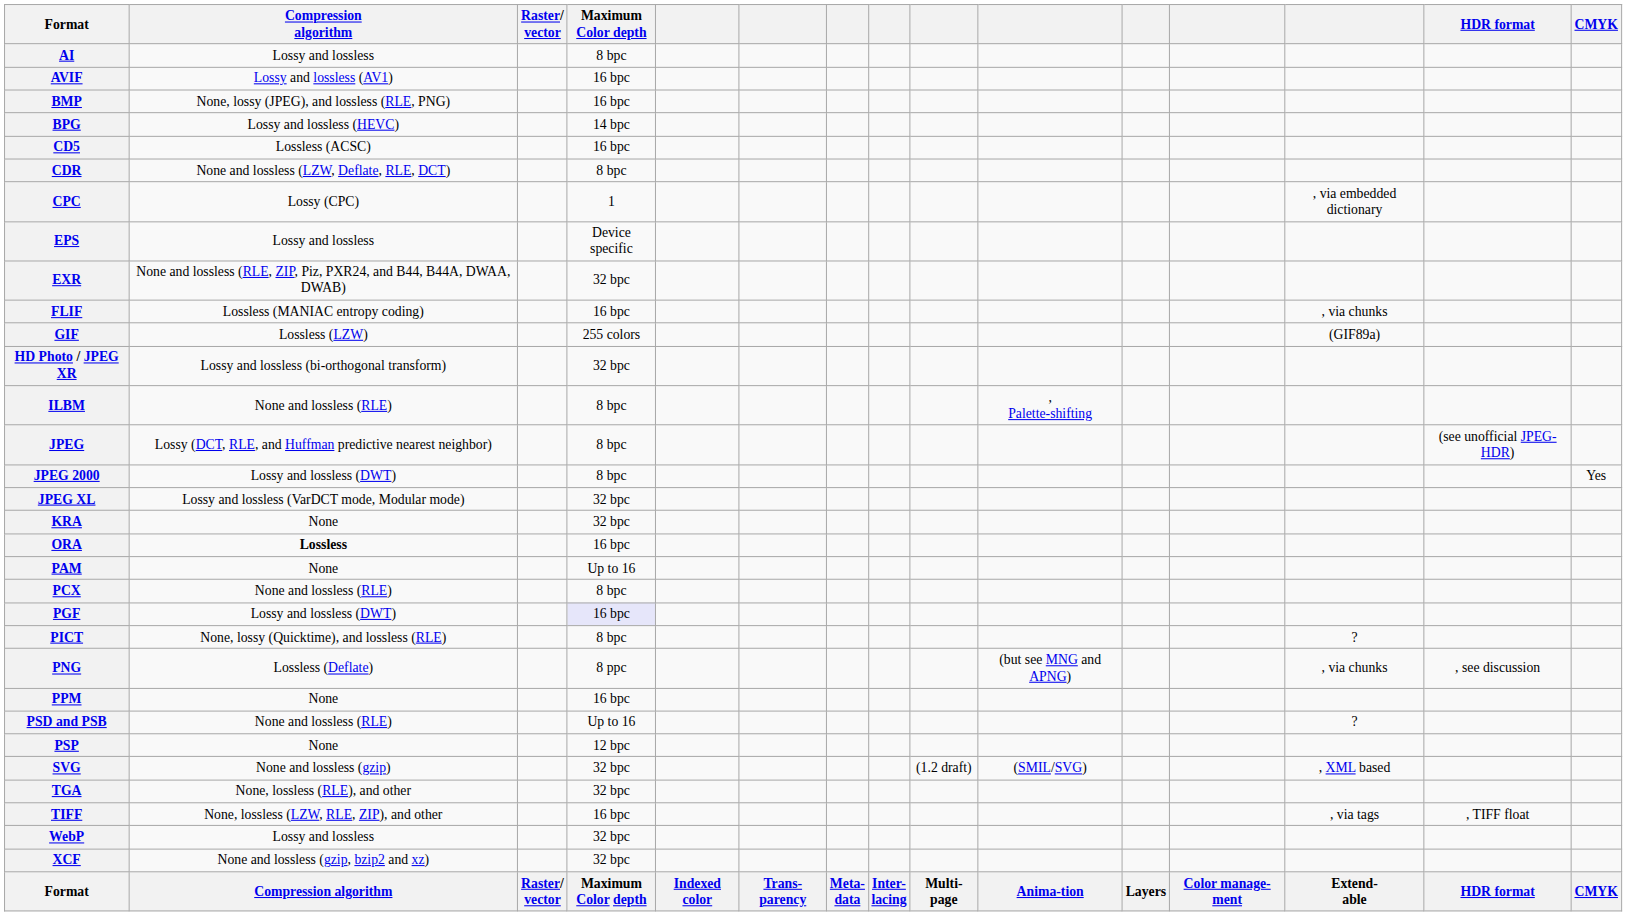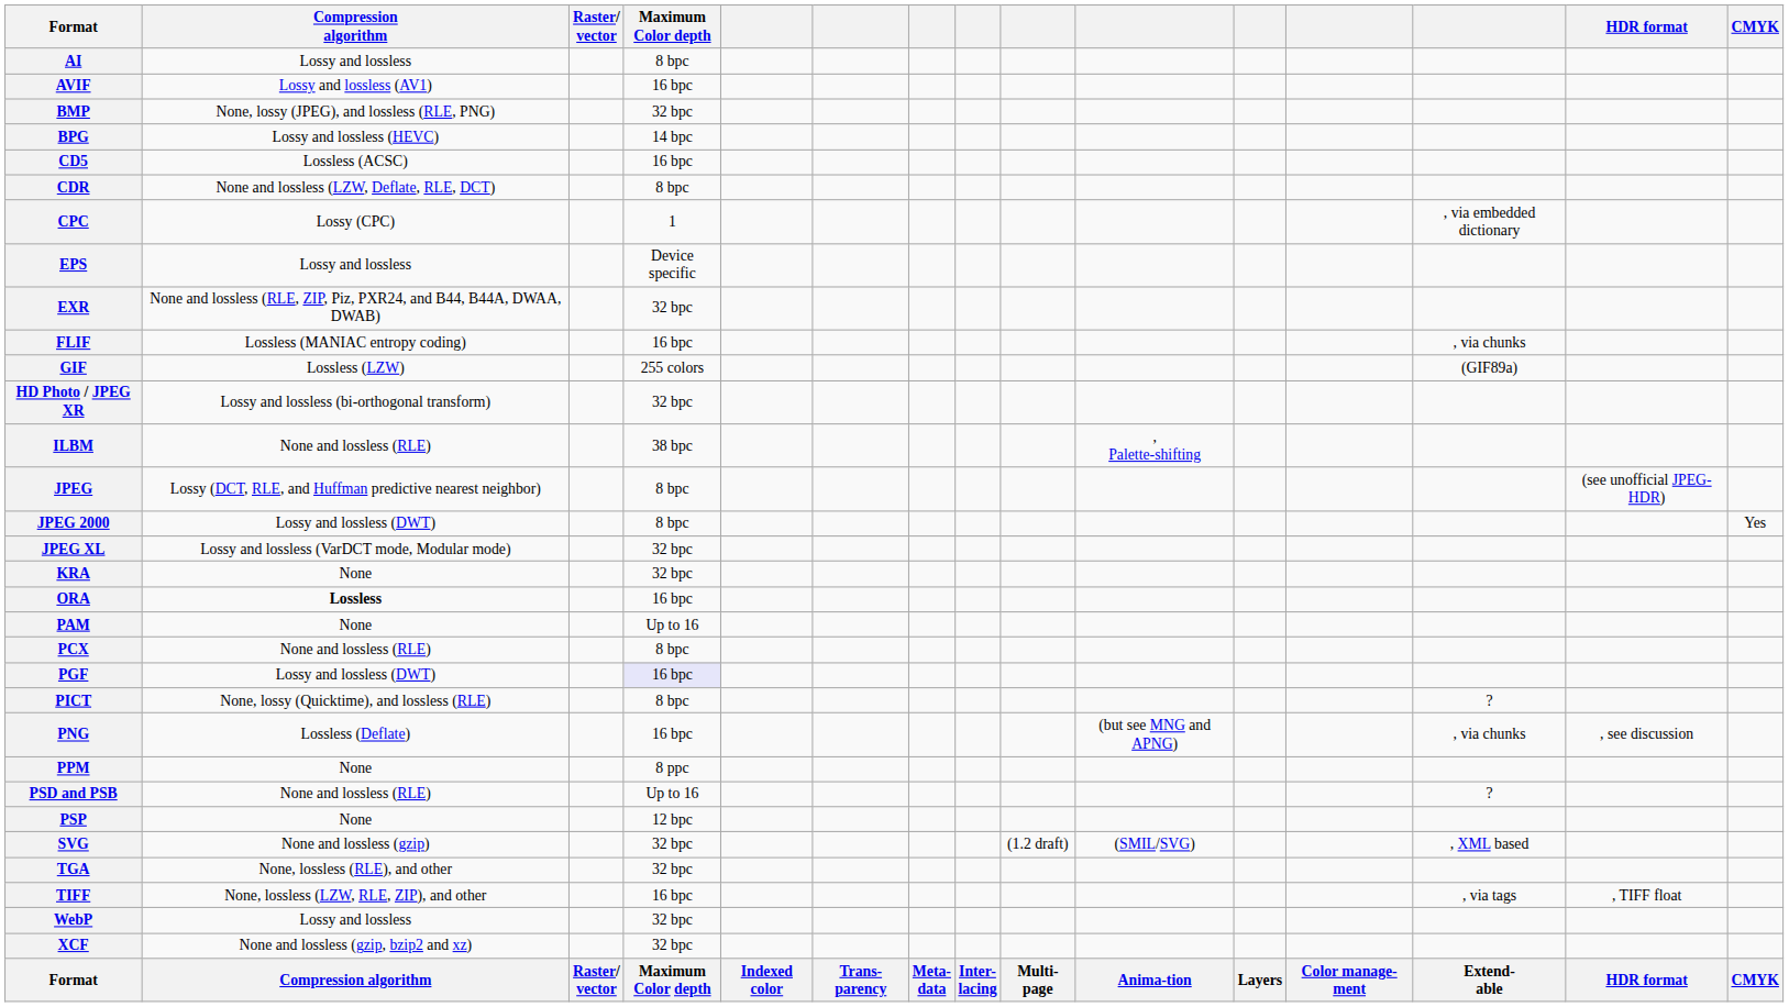 <table class="sortable sort-under wikitable sticky-header" style="text-align: center; width: auto; font-size: smaller;">
 <tr>
 <th>Format</th>
 <th><a href='#'>Compression<br> algorithm</a></th>
 <th><a href='#'>Raster</a>/<br><a href='#'>vector</a></th>
 <th>Maximum<br><a href='#'>Color depth</a></th>
 <th></th>
 <th></th>
 <th></th>
 <th></th>
 <th></th>
 <th></th>
 <th></th>
 <th></th>
 <th></th>
 <th><a href='#'>HDR format</a></th>
 <th><a href='#'>CMYK</a></th>
 </tr>
 <tr>
 <th><a href='#'>AI</a></th>
 <td>Lossy and lossless</td>
 <td></td>
 <td>8 bpc</td>
 <td></td>
 <td></td>
 <td></td>
 <td></td>
 <td></td>
 <td></td>
 <td></td>
 <td></td>
 <td></td>
 <td></td>
 <td></td>
 </tr>
 <tr>
 <th><a href='#'>AVIF</a></th>
 <td><a href='#'>Lossy</a> and <a href='#'>lossless</a> (<a href='#'>AV1</a>)</td>
 <td></td>
 <td>16 bpc</td>
 <td></td>
 <td></td>
 <td></td>
 <td></td>
 <td></td>
 <td></td>
 <td></td>
 <td></td>
 <td></td>
 <td></td>
 <td></td>
 </tr>
 <tr>
 <th><a href='#'>BMP</a></th>
 <td>None, lossy (JPEG), and lossless (<a href='#'>RLE</a>, PNG)</td>
 <td></td>
-<td>16 bpc</td>
+<td>32 bpc</td>
 <td></td>
 <td></td>
 <td></td>
 <td></td>
 <td></td>
 <td></td>
 <td></td>
 <td></td>
 <td></td>
 <td></td>
 <td></td>
 </tr>
 <tr>
 <th><a href='#'>BPG</a></th>
 <td>Lossy and lossless (<a href='#'>HEVC</a>)</td>
 <td></td>
 <td>14 bpc</td>
 <td></td>
 <td></td>
 <td></td>
 <td></td>
 <td></td>
 <td></td>
 <td></td>
 <td></td>
 <td></td>
 <td></td>
 <td></td>
 </tr>
 <tr>
 <th><a href='#'>CD5</a></th>
 <td>Lossless (ACSC)</td>
 <td></td>
 <td>16 bpc</td>
 <td></td>
 <td></td>
 <td></td>
 <td></td>
 <td></td>
 <td></td>
 <td></td>
 <td></td>
 <td></td>
 <td></td>
 <td></td>
 </tr>
 <tr>
 <th><a href='#'>CDR</a></th>
 <td>None and lossless (<a href='#'>LZW</a>, <a href='#'>Deflate</a>, <a href='#'>RLE</a>, <a href='#'>DCT</a>)</td>
 <td></td>
 <td>8 bpc</td>
 <td></td>
 <td></td>
 <td></td>
 <td></td>
 <td></td>
 <td></td>
 <td></td>
 <td></td>
 <td></td>
 <td></td>
 <td></td>
 </tr>
 <tr>
 <th><a href='#'>CPC</a></th>
 <td>Lossy (CPC)</td>
 <td></td>
 <td>1</td>
 <td></td>
 <td></td>
 <td></td>
 <td></td>
 <td></td>
 <td></td>
 <td></td>
 <td></td>
 <td>, via embedded dictionary</td>
 <td></td>
 <td></td>
 </tr>
 <tr>
 <th><a href='#'>EPS</a></th>
 <td>Lossy and lossless</td>
 <td></td>
 <td>Device specific</td>
 <td></td>
 <td></td>
 <td></td>
 <td></td>
 <td></td>
 <td></td>
 <td></td>
 <td></td>
 <td></td>
 <td></td>
 <td></td>
 </tr>
 <tr>
 <th><a href='#'>EXR</a></th>
 <td>None and lossless (<a href='#'>RLE</a>, <a href='#'>ZIP</a>, Piz, PXR24, and B44, B44A, DWAA, DWAB)</td>
 <td></td>
 <td>32 bpc</td>
 <td></td>
 <td></td>
 <td></td>
 <td></td>
 <td></td>
 <td></td>
 <td></td>
 <td></td>
 <td></td>
 <td></td>
 <td></td>
 </tr>
 <tr>
 <th><a href='#'>FLIF</a></th>
 <td>Lossless (MANIAC entropy coding)</td>
 <td></td>
 <td>16 bpc</td>
 <td></td>
 <td></td>
 <td></td>
 <td></td>
 <td></td>
 <td></td>
 <td></td>
 <td></td>
 <td>, via chunks</td>
 <td></td>
 <td></td>
 </tr>
 <tr>
 <th><a href='#'>GIF</a></th>
 <td>Lossless (<a href='#'>LZW</a>)</td>
 <td></td>
 <td>255 colors</td>
 <td></td>
 <td></td>
 <td></td>
 <td></td>
 <td></td>
 <td></td>
 <td></td>
 <td></td>
 <td> (GIF89a)</td>
 <td></td>
 <td></td>
 </tr>
 <tr>
 <th><a href='#'>HD Photo</a> / <a href='#'>JPEG XR</a></th>
 <td>Lossy and lossless (bi-orthogonal transform)</td>
 <td></td>
 <td>32 bpc</td>
 <td></td>
 <td></td>
 <td></td>
 <td></td>
 <td></td>
 <td></td>
 <td></td>
 <td></td>
 <td></td>
 <td></td>
 <td></td>
 </tr>
 <tr>
 <th><a href='#'>ILBM</a></th>
 <td>None and lossless (<a href='#'>RLE</a>)</td>
 <td></td>
-<td>8 bpc</td>
+<td>38 bpc</td>
 <td></td>
 <td></td>
 <td></td>
 <td></td>
 <td></td>
 <td>,<br><a href='#'>Palette-shifting</a></td>
 <td></td>
 <td></td>
 <td></td>
 <td></td>
 <td></td>
 </tr>
 <tr>
 <th><a href='#'>JPEG</a></th>
 <td>Lossy (<a href='#'>DCT</a>, <a href='#'>RLE</a>, and <a href='#'>Huffman</a> predictive nearest neighbor)</td>
 <td></td>
 <td>8 bpc</td>
 <td></td>
 <td></td>
 <td></td>
 <td></td>
 <td></td>
 <td></td>
 <td></td>
 <td></td>
 <td></td>
 <td> (see unofficial <a href='#'>JPEG-HDR</a>)</td>
 <td></td>
 </tr>
 <tr>
 <th><a href='#'>JPEG 2000</a></th>
 <td>Lossy and lossless (<a href='#'>DWT</a>)</td>
 <td></td>
 <td>8 bpc</td>
 <td></td>
 <td></td>
 <td></td>
 <td></td>
 <td></td>
 <td></td>
 <td></td>
 <td></td>
 <td></td>
 <td></td>
 <td>Yes</td>
 </tr>
 <tr>
 <th><a href='#'>JPEG XL</a></th>
 <td>Lossy and lossless (VarDCT mode, Modular mode)</td>
 <td></td>
 <td>32 bpc</td>
 <td></td>
 <td></td>
 <td></td>
 <td></td>
 <td></td>
 <td></td>
 <td></td>
 <td></td>
 <td></td>
 <td></td>
 <td></td>
 </tr>
 <tr>
 <th><a href='#'>KRA</a></th>
 <td>None</td>
 <td></td>
 <td>32 bpc</td>
 <td></td>
 <td></td>
 <td></td>
 <td></td>
 <td></td>
 <td></td>
 <td></td>
 <td></td>
 <td></td>
 <td></td>
 <td></td>
 </tr>
 <tr>
 <th><a href='#'>ORA</a></th>
 <td><strong>Lossless</strong></td>
 <td></td>
 <td>16 bpc</td>
 <td></td>
 <td></td>
 <td></td>
 <td></td>
 <td></td>
 <td></td>
 <td></td>
 <td></td>
 <td></td>
 <td></td>
 <td></td>
 </tr>
 <tr>
 <th><a href='#'>PAM</a></th>
 <td>None</td>
 <td></td>
 <td>Up to 16</td>
 <td></td>
 <td></td>
 <td></td>
 <td></td>
 <td></td>
 <td></td>
 <td></td>
 <td></td>
 <td></td>
 <td></td>
 <td></td>
 </tr>
 <tr>
 <th><a href='#'>PCX</a></th>
 <td>None and lossless (<a href='#'>RLE</a>)</td>
 <td></td>
 <td>8 bpc</td>
 <td></td>
 <td></td>
 <td></td>
 <td></td>
 <td></td>
 <td></td>
 <td></td>
 <td></td>
 <td></td>
 <td></td>
 <td></td>
 </tr>
 <tr>
 <th><a href='#'>PGF</a></th>
 <td>Lossy and lossless (<a href='#'>DWT</a>)</td>
 <td></td>
 <td style="background: lavender;">16 bpc</td>
 <td></td>
 <td></td>
 <td></td>
 <td></td>
 <td></td>
 <td></td>
 <td></td>
 <td></td>
 <td></td>
 <td></td>
 <td></td>
 </tr>
 <tr>
 <th><a href='#'>PICT</a></th>
 <td>None, lossy (Quicktime), and lossless (<a href='#'>RLE</a>)</td>
 <td></td>
 <td>8 bpc</td>
 <td></td>
 <td></td>
 <td></td>
 <td></td>
 <td></td>
 <td></td>
 <td></td>
 <td></td>
 <td>?</td>
 <td></td>
 <td></td>
 </tr>
 <tr>
 <th><a href='#'>PNG</a></th>
 <td>Lossless (<a href='#'>Deflate</a>)</td>
 <td></td>
-<td>8 ppc</td>
+<td>16 bpc</td>
 <td></td>
 <td></td>
 <td></td>
 <td></td>
 <td></td>
 <td> (but see <a href='#'>MNG</a> and <a href='#'>APNG</a>)</td>
 <td></td>
 <td></td>
 <td>, via chunks</td>
 <td>, see discussion</td>
 <td></td>
 </tr>
 <tr>
 <th><a href='#'>PPM</a></th>
 <td>None</td>
 <td></td>
-<td>16 bpc</td>
+<td>8 ppc</td>
 <td></td>
 <td></td>
 <td></td>
 <td></td>
 <td></td>
 <td></td>
 <td></td>
 <td></td>
 <td></td>
 <td></td>
 <td></td>
 </tr>
 <tr>
 <th><a href='#'>PSD and PSB</a></th>
 <td>None and lossless (<a href='#'>RLE</a>)</td>
 <td></td>
 <td>Up to 16</td>
 <td></td>
 <td></td>
 <td></td>
 <td></td>
 <td></td>
 <td></td>
 <td></td>
 <td></td>
 <td>?</td>
 <td></td>
 <td></td>
 </tr>
 <tr>
 <th><a href='#'>PSP</a></th>
 <td>None</td>
 <td></td>
 <td>12 bpc</td>
 <td></td>
 <td></td>
 <td></td>
 <td></td>
 <td></td>
 <td></td>
 <td></td>
 <td></td>
 <td></td>
 <td></td>
 <td></td>
 </tr>
 <tr>
 <th><a href='#'>SVG</a></th>
 <td>None and lossless (<a href='#'>gzip</a>)</td>
 <td></td>
 <td>32 bpc</td>
 <td></td>
 <td></td>
 <td></td>
 <td></td>
 <td> (1.2 draft)</td>
 <td> (<a href='#'>SMIL</a>/<a href='#'>SVG</a>)</td>
 <td></td>
 <td></td>
 <td>, <a href='#'>XML</a> based</td>
 <td></td>
 <td></td>
 </tr>
 <tr>
 <th><a href='#'>TGA</a></th>
 <td>None, lossless (<a href='#'>RLE</a>), and other</td>
 <td></td>
 <td>32 bpc</td>
 <td></td>
 <td></td>
 <td></td>
 <td></td>
 <td></td>
 <td></td>
 <td></td>
 <td></td>
 <td></td>
 <td></td>
 <td></td>
 </tr>
 <tr>
 <th><a href='#'>TIFF</a></th>
 <td>None, lossless (<a href='#'>LZW</a>, <a href='#'>RLE</a>, <a href='#'>ZIP</a>), and other</td>
 <td></td>
 <td>16 bpc</td>
 <td></td>
 <td></td>
 <td></td>
 <td></td>
 <td></td>
 <td></td>
 <td></td>
 <td></td>
 <td>, via tags</td>
 <td>, TIFF float</td>
 <td></td>
 </tr>
 <tr>
 <th><a href='#'>WebP</a></th>
 <td>Lossy and lossless</td>
 <td></td>
 <td>32 bpc</td>
 <td></td>
 <td></td>
 <td></td>
 <td></td>
 <td></td>
 <td></td>
 <td></td>
 <td></td>
 <td></td>
 <td></td>
 <td></td>
 </tr>
 <tr>
 <th><a href='#'>XCF</a></th>
 <td>None and lossless (<a href='#'>gzip</a>, <a href='#'>bzip2</a> and <a href='#'>xz</a>)</td>
 <td></td>
 <td>32 bpc</td>
 <td></td>
 <td></td>
 <td></td>
 <td></td>
 <td></td>
 <td></td>
 <td></td>
 <td></td>
 <td></td>
 <td></td>
 <td></td>
 </tr>
 <tr class="sortbottom">
 <th>Format</th>
 <th><a href='#'>Compression algorithm</a></th>
 <th><a href='#'>Raster</a>/<br><a href='#'>vector</a></th>
 <th>Maximum<br><a href='#'>Color</a> <a href='#'>depth</a></th>
 <th><a href='#'>Indexed color</a></th>
 <th><a href='#'>Trans-parency</a></th>
 <th><a href='#'>Meta-</a><br><a href='#'>data</a></th>
 <th><a href='#'>Inter-</a><br><a href='#'>lacing</a></th>
 <th>Multi-page</th>
 <th><a href='#'>Anima-tion</a></th>
 <th>Layers</th>
 <th><a href='#'>Color manage-ment</a></th>
 <th>Extend-<br>­able</th>
 <th><a href='#'>HDR format</a></th>
 <th><a href='#'>CMYK</a></th>
 </tr>
 </table>
